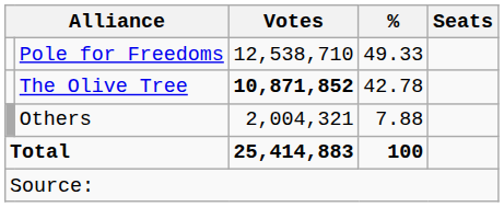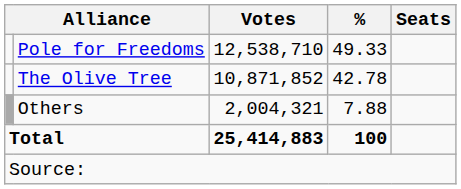 <table class=wikitable style=text-align:right>
 <tr>
 <th colspan=2>Alliance</th>
 <th>Votes</th>
 <th>%</th>
 <th>Seats</th>
 </tr>
 <tr>
 <td style="background-color:"></td>
 <td align=left><a href='#'>Pole for Freedoms</a></td>
 <td>12,538,710</td>
 <td>49.33</td>
 <td></td>
 </tr>
 <tr>
 <td style="background-color:"></td>
 <td align=left><a href='#'>The Olive Tree</a></td>
-<td><strong>10,871,852</strong></td>
+<td>10,871,852</td>
 <td>42.78</td>
 <td></td>
 </tr>
 <tr>
 <td style="background-color:darkgrey"></td>
 <td align=left>Others</td>
 <td>2,004,321</td>
 <td>7.88</td>
 <td></td>
 </tr>
 <tr>
 <td colspan=2 align=left><strong>Total</strong></td>
 <td><strong>25,414,883</strong></td>
 <td><strong>100</strong></td>
 <td></td>
 </tr>
 <tr>
 <td align=left colspan=6>Source: </td>
 </tr>
 </table>
